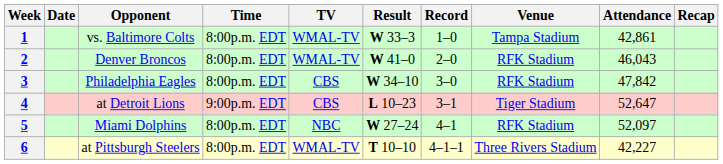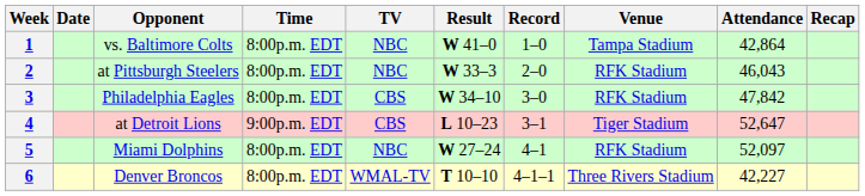 <table class="wikitable" style="text-align:center">
 <tr>
 <th>Week</th>
 <th>Date</th>
 <th>Opponent</th>
 <th>Time</th>
 <th>TV</th>
 <th>Result</th>
 <th>Record</th>
 <th>Venue</th>
 <th>Attendance</th>
 <th>Recap</th>
 </tr>
 <tr style="background:#cfc">
 <th><a href='#'>1</a></th>
 <td></td>
 <td>vs. <a href='#'>Baltimore Colts</a> </td>
 <td>8:00p.m. <a href='#'>EDT</a></td>
-<td><a href='#'>WMAL-TV</a></td>
-<td><strong>W</strong> 33–3</td>
+<td><a href='#'>NBC</a></td>
+<td><strong>W</strong> 41–0</td>
 <td>1–0</td>
 <td><a href='#'>Tampa Stadium</a></td>
-<td>42,861</td>
+<td>42,864</td>
 <td></td>
 </tr>
 <tr style="background:#cfc">
 <th><a href='#'>2</a></th>
 <td></td>
-<td><a href='#'>Denver Broncos</a></td>
+<td>at <a href='#'>Pittsburgh Steelers</a></td>
 <td>8:00p.m. <a href='#'>EDT</a></td>
-<td><a href='#'>WMAL-TV</a></td>
-<td><strong>W</strong> 41–0</td>
+<td><a href='#'>NBC</a></td>
+<td><strong>W</strong> 33–3</td>
 <td>2–0</td>
 <td><a href='#'>RFK Stadium</a></td>
 <td>46,043</td>
 <td></td>
 </tr>
 <tr style="background:#cfc">
 <th><a href='#'>3</a></th>
 <td></td>
 <td><a href='#'>Philadelphia Eagles</a></td>
 <td>8:00p.m. <a href='#'>EDT</a></td>
 <td><a href='#'>CBS</a></td>
 <td><strong>W</strong> 34–10</td>
 <td>3–0</td>
 <td><a href='#'>RFK Stadium</a></td>
 <td>47,842</td>
 <td></td>
 </tr>
 <tr style="background:#fcc">
 <th><a href='#'>4</a></th>
 <td></td>
 <td>at <a href='#'>Detroit Lions</a></td>
 <td>9:00p.m. <a href='#'>EDT</a></td>
 <td><a href='#'>CBS</a></td>
 <td><strong>L</strong> 10–23</td>
 <td>3–1</td>
 <td><a href='#'>Tiger Stadium</a></td>
 <td>52,647</td>
 <td></td>
 </tr>
 <tr style="background:#cfc">
 <th><a href='#'>5</a></th>
 <td></td>
 <td><a href='#'>Miami Dolphins</a></td>
 <td>8:00p.m. <a href='#'>EDT</a></td>
 <td><a href='#'>NBC</a></td>
 <td><strong>W</strong> 27–24</td>
 <td>4–1</td>
 <td><a href='#'>RFK Stadium</a></td>
 <td>52,097</td>
 <td></td>
 </tr>
 <tr style="background:#ffc">
 <th><a href='#'>6</a></th>
 <td></td>
-<td>at <a href='#'>Pittsburgh Steelers</a></td>
+<td><a href='#'>Denver Broncos</a></td>
 <td>8:00p.m. <a href='#'>EDT</a></td>
 <td><a href='#'>WMAL-TV</a></td>
 <td><strong>T</strong> 10–10</td>
 <td>4–1–1</td>
 <td><a href='#'>Three Rivers Stadium</a></td>
 <td>42,227</td>
 <td></td>
 </tr>
 </table>
